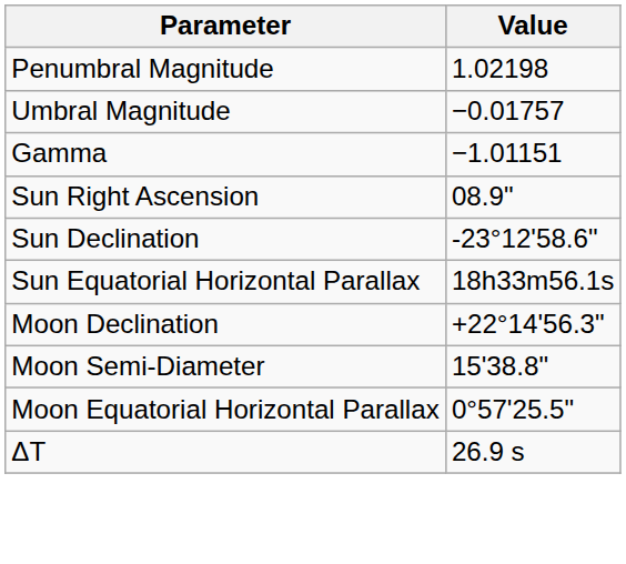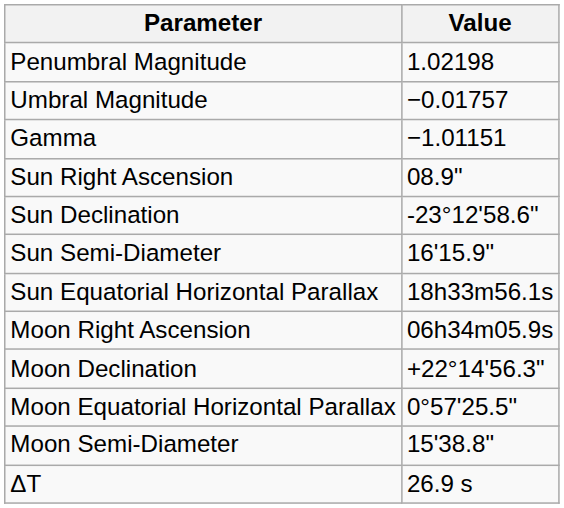 <table class="wikitable">
 <tr>
 <th>Parameter</th>
 <th>Value</th>
 </tr>
 <tr>
 <td>Penumbral Magnitude</td>
 <td>1.02198</td>
 </tr>
 <tr>
 <td>Umbral Magnitude</td>
 <td>−0.01757</td>
 </tr>
 <tr>
 <td>Gamma</td>
 <td>−1.01151</td>
 </tr>
 <tr>
 <td>Sun Right Ascension</td>
 <td>08.9"</td>
 </tr>
 <tr>
 <td>Sun Declination</td>
 <td>-23°12'58.6"</td>
 </tr>
 <tr>
+<td>Sun Semi-Diameter</td>
+<td>16'15.9"</td>
+</tr>
+<tr>
 <td>Sun Equatorial Horizontal Parallax</td>
 <td>18h33m56.1s</td>
+</tr>
+<tr>
+<td>Moon Right Ascension</td>
+<td>06h34m05.9s</td>
 </tr>
 <tr>
 <td>Moon Declination</td>
 <td>+22°14'56.3"</td>
 </tr>
 <tr>
+<td>Moon Equatorial Horizontal Parallax</td>
+<td>0°57'25.5"</td>
+</tr>
+<tr>
 <td>Moon Semi-Diameter</td>
 <td>15'38.8"</td>
-</tr>
-<tr>
-<td>Moon Equatorial Horizontal Parallax</td>
-<td>0°57'25.5"</td>
 </tr>
 <tr>
 <td>ΔT</td>
 <td>26.9 s</td>
 </tr>
 </table>
